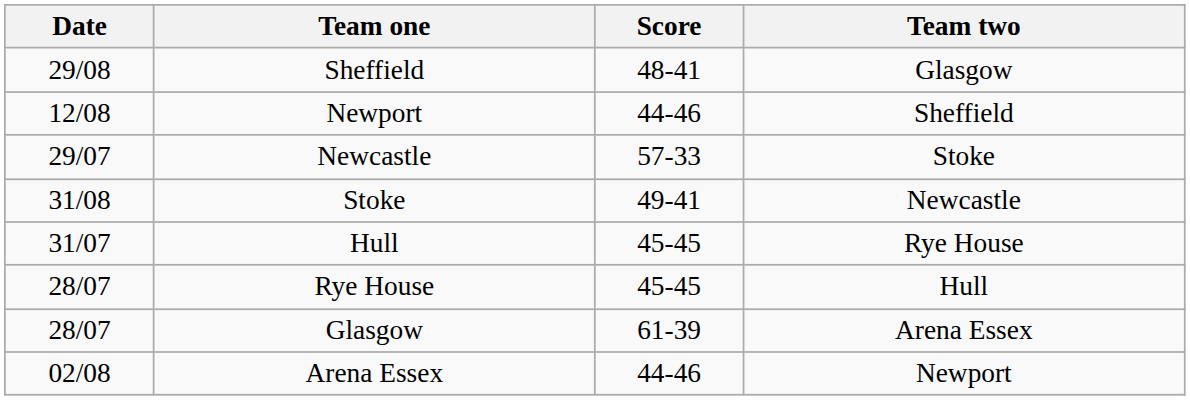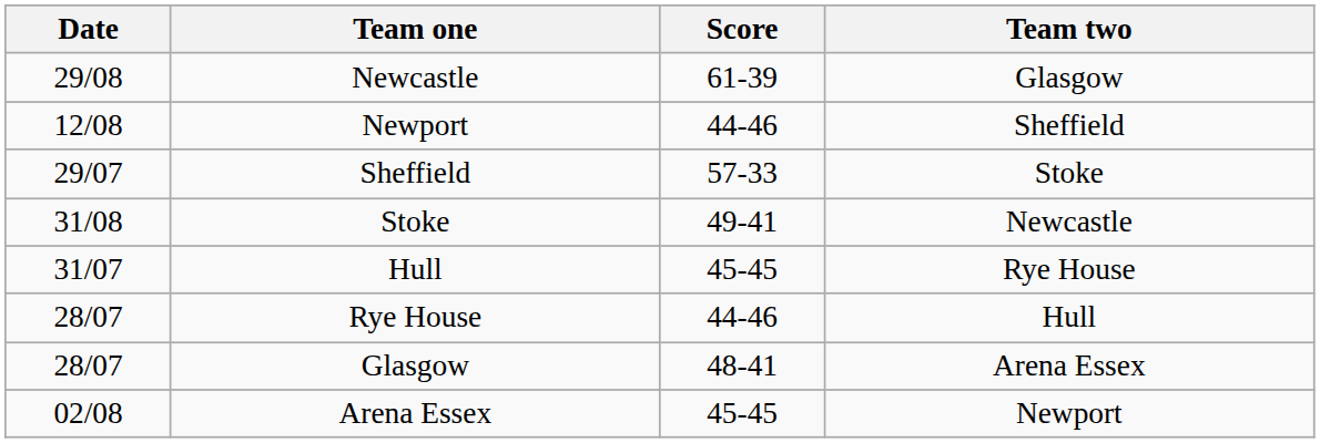 <table class="wikitable" style="text-align: center">
 <tr>
 <th width=80>Date</th>
 <th width=250>Team one</th>
 <th width=80>Score</th>
 <th width=250>Team two</th>
 </tr>
 <tr>
 <td>29/08</td>
-<td>Sheffield</td>
-<td>48-41</td>
+<td>Newcastle</td>
+<td>61-39</td>
 <td>Glasgow</td>
 </tr>
 <tr>
 <td>12/08</td>
 <td>Newport</td>
 <td>44-46</td>
 <td>Sheffield</td>
 </tr>
 <tr>
 <td>29/07</td>
-<td>Newcastle</td>
+<td>Sheffield</td>
 <td>57-33</td>
 <td>Stoke</td>
 </tr>
 <tr>
 <td>31/08</td>
 <td>Stoke</td>
 <td>49-41</td>
 <td>Newcastle</td>
 </tr>
 <tr>
 <td>31/07</td>
 <td>Hull</td>
 <td>45-45</td>
 <td>Rye House</td>
 </tr>
 <tr>
 <td>28/07</td>
 <td>Rye House</td>
-<td>45-45</td>
+<td>44-46</td>
 <td>Hull</td>
 </tr>
 <tr>
 <td>28/07</td>
 <td>Glasgow</td>
-<td>61-39</td>
+<td>48-41</td>
 <td>Arena Essex</td>
 </tr>
 <tr>
 <td>02/08</td>
 <td>Arena Essex</td>
-<td>44-46</td>
+<td>45-45</td>
 <td>Newport</td>
 </tr>
 </table>
